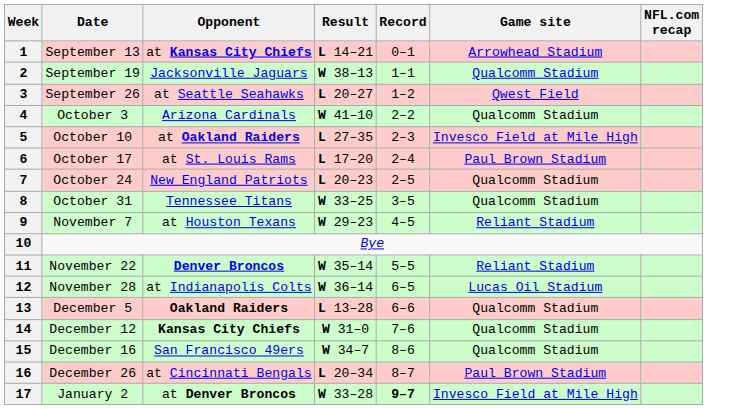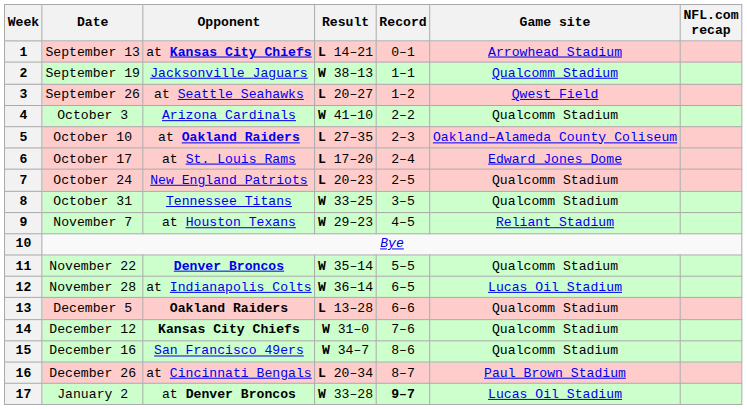 <table class="wikitable" style="text-align:center">
 <tr>
 <th>Week</th>
 <th>Date</th>
 <th>Opponent</th>
 <th>Result</th>
 <th>Record</th>
 <th>Game site</th>
 <th>NFL.com<br>recap</th>
 </tr>
 <tr style="background:#fcc;">
 <th>1</th>
 <td style="text-align:center;">September 13</td>
 <td style="text-align:center;">at <strong> <a href='#'>Kansas City Chiefs</a></strong></td>
 <td style="text-align:center;"><strong>L</strong> 14–21</td>
 <td style="text-align:center;">0–1</td>
 <td style="text-align:center;"><a href='#'>Arrowhead Stadium</a></td>
 <td style="text-align:center;"></td>
 </tr>
 <tr style="background:#cfc;">
 <th>2</th>
 <td style="text-align:center;">September 19</td>
 <td style="text-align:center;"><a href='#'>Jacksonville Jaguars</a></td>
 <td style="text-align:center;"><strong>W</strong> 38–13</td>
 <td style="text-align:center;">1–1</td>
 <td style="text-align:center;"><a href='#'>Qualcomm Stadium</a></td>
 <td style="text-align:center;"></td>
 </tr>
 <tr style="background:#fcc;">
 <th>3</th>
 <td style="text-align:center;">September 26</td>
 <td style="text-align:center;">at <a href='#'>Seattle Seahawks</a></td>
 <td style="text-align:center;"><strong>L</strong> 20–27</td>
 <td style="text-align:center;">1–2</td>
 <td style="text-align:center;"><a href='#'>Qwest Field</a></td>
 <td style="text-align:center;"></td>
 </tr>
 <tr style="background:#cfc;">
 <th>4</th>
 <td style="text-align:center;">October 3</td>
 <td style="text-align:center;"><a href='#'>Arizona Cardinals</a></td>
 <td style="text-align:center;"><strong>W</strong> 41–10</td>
 <td style="text-align:center;">2–2</td>
 <td style="text-align:center;">Qualcomm Stadium</td>
 <td style="text-align:center;"></td>
 </tr>
 <tr style="background:#fcc;">
 <th>5</th>
 <td style="text-align:center;">October 10</td>
 <td style="text-align:center;">at <strong><a href='#'>Oakland Raiders</a></strong></td>
 <td style="text-align:center;"><strong>L</strong> 27–35</td>
 <td style="text-align:center;">2–3</td>
-<td style="text-align:center;"><a href='#'>Invesco Field at Mile High</a></td>
+<td style="text-align:center;"><a href='#'>Oakland–Alameda County Coliseum</a></td>
 <td style="text-align:center;"></td>
 </tr>
 <tr style="background:#fcc;">
 <th>6</th>
 <td style="text-align:center;">October 17</td>
 <td style="text-align:center;">at <a href='#'>St. Louis Rams</a></td>
 <td style="text-align:center;"><strong>L</strong> 17–20</td>
 <td style="text-align:center;">2–4</td>
-<td style="text-align:center;"><a href='#'>Paul Brown Stadium</a></td>
+<td style="text-align:center;"><a href='#'>Edward Jones Dome</a></td>
 <td style="text-align:center;"></td>
 </tr>
 <tr style="background:#fcc;">
 <th>7</th>
 <td style="text-align:center;">October 24</td>
 <td style="text-align:center;"><a href='#'>New England Patriots</a></td>
 <td style="text-align:center;"><strong>L</strong> 20–23</td>
 <td style="text-align:center;">2–5</td>
 <td style="text-align:center;">Qualcomm Stadium</td>
 <td style="text-align:center;"></td>
 </tr>
 <tr style="background:#cfc;">
 <th>8</th>
 <td style="text-align:center;">October 31</td>
 <td style="text-align:center;"><a href='#'>Tennessee Titans</a></td>
 <td style="text-align:center;"><strong>W</strong> 33–25</td>
 <td style="text-align:center;">3–5</td>
 <td style="text-align:center;">Qualcomm Stadium</td>
 <td style="text-align:center;"></td>
 </tr>
 <tr style="background:#cfc;">
 <th>9</th>
 <td style="text-align:center;">November 7</td>
 <td style="text-align:center;">at <a href='#'>Houston Texans</a></td>
 <td style="text-align:center;"><strong>W</strong> 29–23</td>
 <td style="text-align:center;">4–5</td>
 <td style="text-align:center;"><a href='#'>Reliant Stadium</a></td>
 <td style="text-align:center;"></td>
 </tr>
 <tr>
 <th>10</th>
 <td colspan="8" style="text-align:center;"><em><a href='#'>Bye</a></em></td>
 </tr>
 <tr style="background:#cfc;">
 <th>11</th>
 <td style="text-align:center;">November 22</td>
 <td style="text-align:center;"><strong><a href='#'>Denver Broncos</a></strong></td>
 <td style="text-align:center;"><strong>W</strong> 35–14</td>
 <td style="text-align:center;">5–5</td>
-<td style="text-align:center;"><a href='#'>Reliant Stadium</a></td>
+<td style="text-align:center;">Qualcomm Stadium</td>
 <td style="text-align:center;"></td>
 </tr>
 <tr style="background:#cfc;">
 <th>12</th>
 <td style="text-align:center;">November 28</td>
 <td style="text-align:center;">at <a href='#'>Indianapolis Colts</a></td>
 <td style="text-align:center;"><strong>W</strong> 36–14</td>
 <td style="text-align:center;">6–5</td>
 <td style="text-align:center;"><a href='#'>Lucas Oil Stadium</a></td>
 <td style="text-align:center;"></td>
 </tr>
 <tr style="background:#fcc;">
 <th>13</th>
 <td style="text-align:center;">December 5</td>
 <td style="text-align:center;"><strong>Oakland Raiders</strong></td>
 <td style="text-align:center;"><strong>L</strong> 13–28</td>
 <td style="text-align:center;">6–6</td>
 <td style="text-align:center;">Qualcomm Stadium</td>
 <td style="text-align:center;"></td>
 </tr>
 <tr style="background:#cfc;">
 <th>14</th>
 <td style="text-align:center;">December 12</td>
 <td style="text-align:center;"><strong>Kansas City Chiefs</strong></td>
 <td style="text-align:center;"><strong>W</strong> 31–0</td>
 <td style="text-align:center;">7–6</td>
 <td style="text-align:center;">Qualcomm Stadium</td>
 <td style="text-align:center;"></td>
 </tr>
 <tr style="background:#cfc;">
 <th>15</th>
 <td style="text-align:center;">December 16</td>
 <td style="text-align:center;"><a href='#'>San Francisco 49ers</a></td>
 <td style="text-align:center;"><strong>W</strong> 34–7</td>
 <td style="text-align:center;">8–6</td>
 <td style="text-align:center;">Qualcomm Stadium</td>
 <td style="text-align:center;"></td>
 </tr>
 <tr style="background:#fcc;">
 <th>16</th>
 <td style="text-align:center;">December 26</td>
 <td style="text-align:center;">at <a href='#'>Cincinnati Bengals</a></td>
 <td style="text-align:center;"><strong>L</strong> 20–34</td>
 <td style="text-align:center;">8–7</td>
 <td style="text-align:center;"><a href='#'>Paul Brown Stadium</a></td>
 <td style="text-align:center;"></td>
 </tr>
 <tr style="background:#cfc;">
 <th>17</th>
 <td style="text-align:center;">January 2</td>
 <td style="text-align:center;">at <strong>Denver Broncos</strong></td>
 <td style="text-align:center;"><strong>W</strong> 33–28</td>
 <td style="text-align:center;"><strong>9–7</strong></td>
-<td style="text-align:center;"><a href='#'>Invesco Field at Mile High</a></td>
+<td style="text-align:center;"><a href='#'>Lucas Oil Stadium</a></td>
 <td style="text-align:center;"></td>
 </tr>
 </table>
